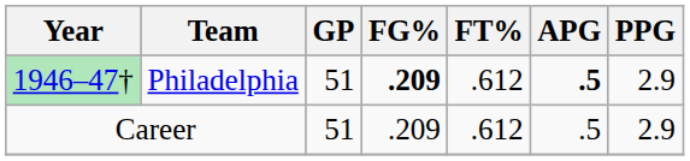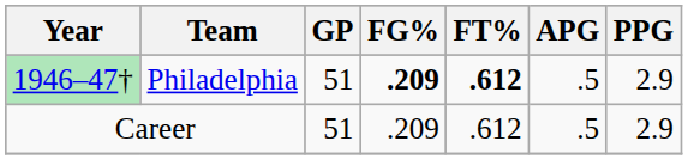 <table class="wikitable sortable" style="font-size:95%; text-align:right;">
 <tr>
 <th>Year</th>
 <th>Team</th>
 <th>GP</th>
 <th>FG%</th>
 <th>FT%</th>
 <th>APG</th>
 <th>PPG</th>
 </tr>
 <tr>
 <td style="text-align:left;background:#afe6ba"><a href='#'>1946–47</a>†</td>
 <td style="text-align:left;"><a href='#'>Philadelphia</a></td>
 <td>51</td>
 <td><strong>.209</strong></td>
-<td>.612</td>
-<td><strong>.5</strong></td>
+<td><strong>.612</strong></td>
+<td>.5</td>
 <td>2.9</td>
 </tr>
 <tr>
 <td style="text-align:center;" colspan="2">Career</td>
 <td>51</td>
 <td>.209</td>
 <td>.612</td>
 <td>.5</td>
 <td>2.9</td>
 </tr>
 <tr>
 </tr>
 </table>
